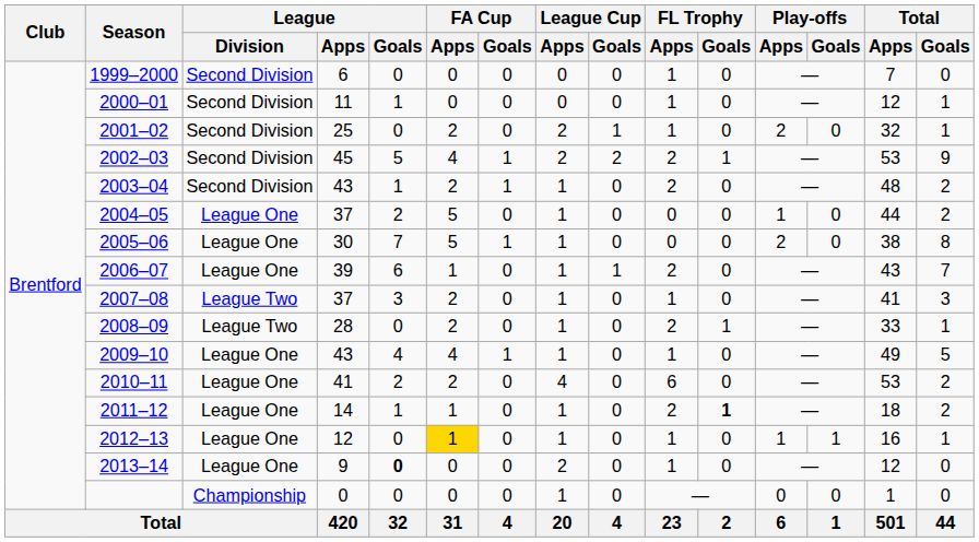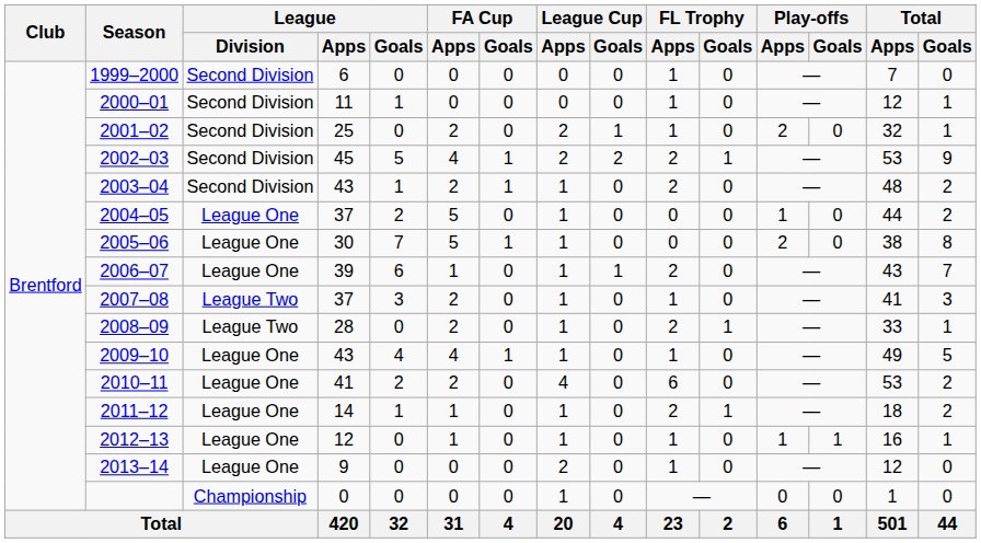 <table class="wikitable" style="text-align:center;">
 <tr>
 <th rowspan="2">Club</th>
 <th rowspan="2">Season</th>
 <th colspan="3">League</th>
 <th colspan="2">FA Cup</th>
 <th colspan="2">League Cup</th>
 <th colspan="2">FL Trophy</th>
 <th colspan="2">Play-offs</th>
 <th colspan="2">Total</th>
 </tr>
 <tr>
 <th>Division</th>
 <th>Apps</th>
 <th>Goals</th>
 <th>Apps</th>
 <th>Goals</th>
 <th>Apps</th>
 <th>Goals</th>
 <th>Apps</th>
 <th>Goals</th>
 <th>Apps</th>
 <th>Goals</th>
 <th>Apps</th>
 <th>Goals</th>
 </tr>
 <tr>
 <td rowspan="16"><a href='#'>Brentford</a></td>
 <td><a href='#'>1999–2000</a></td>
 <td><a href='#'>Second Division</a></td>
 <td>6</td>
 <td>0</td>
 <td>0</td>
 <td>0</td>
 <td>0</td>
 <td>0</td>
 <td>1</td>
 <td>0</td>
 <td colspan="2">—</td>
 <td>7</td>
 <td>0</td>
 </tr>
 <tr>
 <td><a href='#'>2000–01</a></td>
 <td>Second Division</td>
 <td>11</td>
 <td>1</td>
 <td>0</td>
 <td>0</td>
 <td>0</td>
 <td>0</td>
 <td>1</td>
 <td>0</td>
 <td colspan="2">—</td>
 <td>12</td>
 <td>1</td>
 </tr>
 <tr>
 <td><a href='#'>2001–02</a></td>
 <td>Second Division</td>
 <td>25</td>
 <td>0</td>
 <td>2</td>
 <td>0</td>
 <td>2</td>
 <td>1</td>
 <td>1</td>
 <td>0</td>
 <td>2</td>
 <td>0</td>
 <td>32</td>
 <td>1</td>
 </tr>
 <tr>
 <td><a href='#'>2002–03</a></td>
 <td>Second Division</td>
 <td>45</td>
 <td>5</td>
 <td>4</td>
 <td>1</td>
 <td>2</td>
 <td>2</td>
 <td>2</td>
 <td>1</td>
 <td colspan="2">—</td>
 <td>53</td>
 <td>9</td>
 </tr>
 <tr>
 <td><a href='#'>2003–04</a></td>
 <td>Second Division</td>
 <td>43</td>
 <td>1</td>
 <td>2</td>
 <td>1</td>
 <td>1</td>
 <td>0</td>
 <td>2</td>
 <td>0</td>
 <td colspan="2">—</td>
 <td>48</td>
 <td>2</td>
 </tr>
 <tr>
 <td><a href='#'>2004–05</a></td>
 <td><a href='#'>League One</a></td>
 <td>37</td>
 <td>2</td>
 <td>5</td>
 <td>0</td>
 <td>1</td>
 <td>0</td>
 <td>0</td>
 <td>0</td>
 <td>1</td>
 <td>0</td>
 <td>44</td>
 <td>2</td>
 </tr>
 <tr>
 <td><a href='#'>2005–06</a></td>
 <td>League One</td>
 <td>30</td>
 <td>7</td>
 <td>5</td>
 <td>1</td>
 <td>1</td>
 <td>0</td>
 <td>0</td>
 <td>0</td>
 <td>2</td>
 <td>0</td>
 <td>38</td>
 <td>8</td>
 </tr>
 <tr>
 <td><a href='#'>2006–07</a></td>
 <td>League One</td>
 <td>39</td>
 <td>6</td>
 <td>1</td>
 <td>0</td>
 <td>1</td>
 <td>1</td>
 <td>2</td>
 <td>0</td>
 <td colspan="2">—</td>
 <td>43</td>
 <td>7</td>
 </tr>
 <tr>
 <td><a href='#'>2007–08</a></td>
 <td><a href='#'>League Two</a></td>
 <td>37</td>
 <td>3</td>
 <td>2</td>
 <td>0</td>
 <td>1</td>
 <td>0</td>
 <td>1</td>
 <td>0</td>
 <td colspan="2">—</td>
 <td>41</td>
 <td>3</td>
 </tr>
 <tr>
 <td><a href='#'>2008–09</a></td>
 <td>League Two</td>
 <td>28</td>
 <td>0</td>
 <td>2</td>
 <td>0</td>
 <td>1</td>
 <td>0</td>
 <td>2</td>
 <td>1</td>
 <td colspan="2">—</td>
 <td>33</td>
 <td>1</td>
 </tr>
 <tr>
 <td><a href='#'>2009–10</a></td>
 <td>League One</td>
 <td>43</td>
 <td>4</td>
 <td>4</td>
 <td>1</td>
 <td>1</td>
 <td>0</td>
 <td>1</td>
 <td>0</td>
 <td colspan="2">—</td>
 <td>49</td>
 <td>5</td>
 </tr>
 <tr>
 <td><a href='#'>2010–11</a></td>
 <td>League One</td>
 <td>41</td>
 <td>2</td>
 <td>2</td>
 <td>0</td>
 <td>4</td>
 <td>0</td>
 <td>6</td>
 <td>0</td>
 <td colspan="2">—</td>
 <td>53</td>
 <td>2</td>
 </tr>
 <tr>
 <td><a href='#'>2011–12</a></td>
 <td>League One</td>
 <td>14</td>
 <td>1</td>
 <td>1</td>
 <td>0</td>
 <td>1</td>
 <td>0</td>
 <td>2</td>
-<td><strong>1</strong></td>
+<td>1</td>
 <td colspan="2">—</td>
 <td>18</td>
 <td>2</td>
 </tr>
 <tr>
 <td><a href='#'>2012–13</a></td>
 <td>League One</td>
 <td>12</td>
 <td>0</td>
-<td style="background: gold;">1</td>
+<td>1</td>
 <td>0</td>
 <td>1</td>
 <td>0</td>
 <td>1</td>
 <td>0</td>
 <td>1</td>
 <td>1</td>
 <td>16</td>
 <td>1</td>
 </tr>
 <tr>
 <td><a href='#'>2013–14</a></td>
 <td>League One</td>
 <td>9</td>
-<td><strong>0</strong></td>
+<td>0</td>
 <td>0</td>
 <td>0</td>
 <td>2</td>
 <td>0</td>
 <td>1</td>
 <td>0</td>
 <td colspan="2">—</td>
 <td>12</td>
 <td>0</td>
 </tr>
 <tr>
 <td></td>
 <td><a href='#'>Championship</a></td>
 <td>0</td>
 <td>0</td>
 <td>0</td>
 <td>0</td>
 <td>1</td>
 <td>0</td>
 <td colspan="2">—</td>
 <td>0</td>
 <td>0</td>
 <td>1</td>
 <td>0</td>
 </tr>
 <tr>
 <th colspan="3">Total</th>
 <th>420</th>
 <th>32</th>
 <th>31</th>
 <th>4</th>
 <th>20</th>
 <th>4</th>
 <th>23</th>
 <th>2</th>
 <th>6</th>
 <th>1</th>
 <th>501</th>
 <th>44</th>
 </tr>
 </table>
